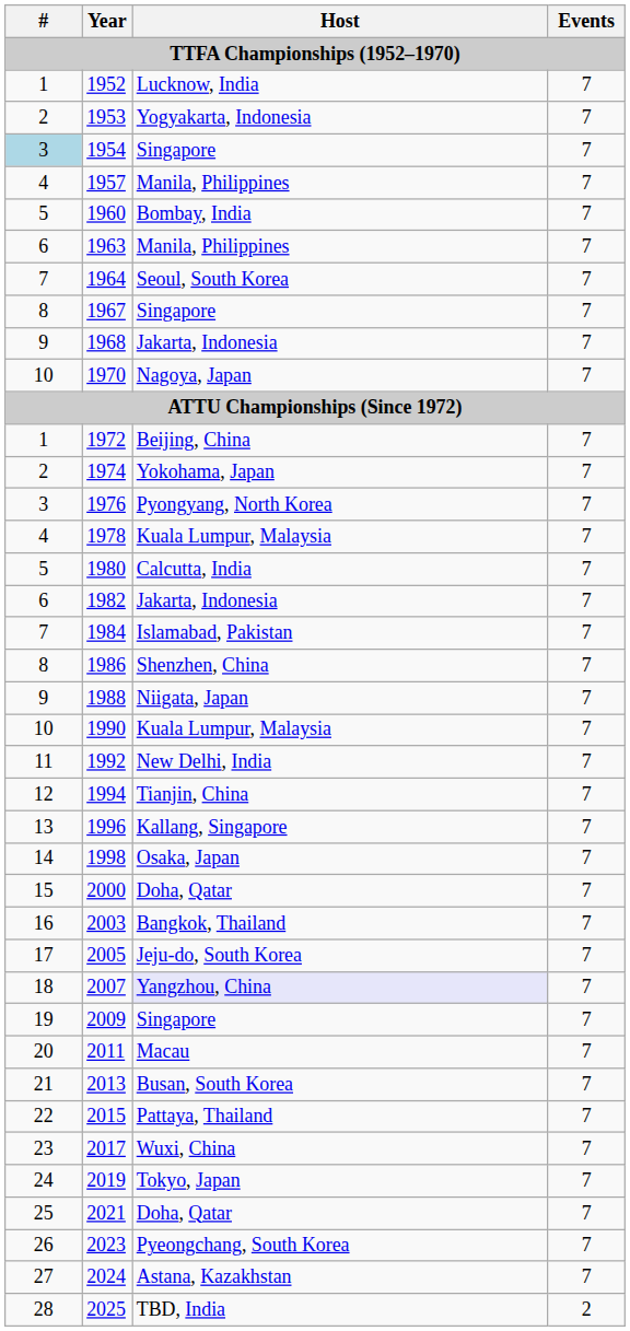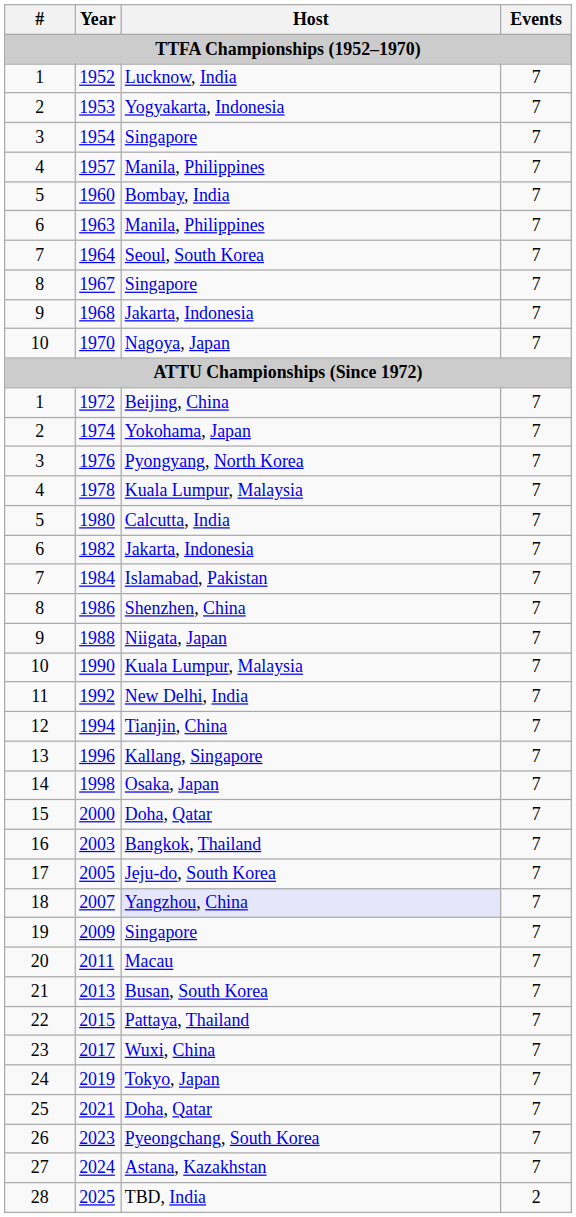 <table class="wikitable" style="font-size:90%">
 <tr>
 <th width=50>#</th>
 <th width=30>Year</th>
 <th width=300>Host</th>
 <th width=50>Events</th>
 </tr>
 <tr>
 <td colspan="5" bgcolor="#cccccc"align=center><strong>TTFA Championships (1952–1970)</strong></td>
 </tr>
 <tr>
 <td align=center>1</td>
 <td><a href='#'>1952</a></td>
 <td> <a href='#'>Lucknow</a>, <a href='#'>India</a></td>
 <td align=center>7</td>
 </tr>
 <tr>
 <td align="center">2</td>
 <td><a href='#'>1953</a></td>
 <td> <a href='#'>Yogyakarta</a>, <a href='#'>Indonesia</a></td>
 <td align="center">7</td>
 </tr>
 <tr>
-<td align="center" style="background: lightblue;">3</td>
+<td align="center">3</td>
 <td><a href='#'>1954</a></td>
 <td> <a href='#'>Singapore</a></td>
 <td align="center">7</td>
 </tr>
 <tr>
 <td align="center">4</td>
 <td><a href='#'>1957</a></td>
 <td> <a href='#'>Manila</a>, <a href='#'>Philippines</a></td>
 <td align="center">7</td>
 </tr>
 <tr>
 <td align="center">5</td>
 <td><a href='#'>1960</a></td>
 <td> <a href='#'>Bombay</a>, <a href='#'>India</a></td>
 <td align="center">7</td>
 </tr>
 <tr>
 <td align="center">6</td>
 <td><a href='#'>1963</a></td>
 <td> <a href='#'>Manila</a>, <a href='#'>Philippines</a></td>
 <td align="center">7</td>
 </tr>
 <tr>
 <td align="center">7</td>
 <td><a href='#'>1964</a></td>
 <td> <a href='#'>Seoul</a>, <a href='#'>South Korea</a></td>
 <td align="center">7</td>
 </tr>
 <tr>
 <td align="center">8</td>
 <td><a href='#'>1967</a></td>
 <td> <a href='#'>Singapore</a></td>
 <td align="center">7</td>
 </tr>
 <tr>
 <td align="center">9</td>
 <td><a href='#'>1968</a></td>
 <td> <a href='#'>Jakarta</a>, <a href='#'>Indonesia</a></td>
 <td align="center">7</td>
 </tr>
 <tr>
 <td align="center">10</td>
 <td><a href='#'>1970</a></td>
 <td> <a href='#'>Nagoya</a>, <a href='#'>Japan</a></td>
 <td align="center">7</td>
 </tr>
 <tr>
 <td colspan="5" bgcolor="#cccccc"align=center><strong>ATTU Championships (Since 1972)</strong></td>
 </tr>
 <tr>
 <td align="center">1</td>
 <td><a href='#'>1972</a></td>
 <td> <a href='#'>Beijing</a>, <a href='#'>China</a></td>
 <td align="center">7</td>
 </tr>
 <tr>
 <td align="center">2</td>
 <td><a href='#'>1974</a></td>
 <td> <a href='#'>Yokohama</a>, <a href='#'>Japan</a></td>
 <td align="center">7</td>
 </tr>
 <tr>
 <td align="center">3</td>
 <td><a href='#'>1976</a></td>
 <td> <a href='#'>Pyongyang</a>, <a href='#'>North Korea</a></td>
 <td align="center">7</td>
 </tr>
 <tr>
 <td align="center">4</td>
 <td><a href='#'>1978</a></td>
 <td> <a href='#'>Kuala Lumpur</a>, <a href='#'>Malaysia</a></td>
 <td align="center">7</td>
 </tr>
 <tr>
 <td align="center">5</td>
 <td><a href='#'>1980</a></td>
 <td> <a href='#'>Calcutta</a>, <a href='#'>India</a></td>
 <td align="center">7</td>
 </tr>
 <tr>
 <td align="center">6</td>
 <td><a href='#'>1982</a></td>
 <td> <a href='#'>Jakarta</a>, <a href='#'>Indonesia</a></td>
 <td align="center">7</td>
 </tr>
 <tr>
 <td align="center">7</td>
 <td><a href='#'>1984</a></td>
 <td> <a href='#'>Islamabad</a>, <a href='#'>Pakistan</a></td>
 <td align="center">7</td>
 </tr>
 <tr>
 <td align="center">8</td>
 <td><a href='#'>1986</a></td>
 <td> <a href='#'>Shenzhen</a>, <a href='#'>China</a></td>
 <td align="center">7</td>
 </tr>
 <tr>
 <td align="center">9</td>
 <td><a href='#'>1988</a></td>
 <td> <a href='#'>Niigata</a>, <a href='#'>Japan</a></td>
 <td align="center">7</td>
 </tr>
 <tr>
 <td align="center">10</td>
 <td><a href='#'>1990</a></td>
 <td> <a href='#'>Kuala Lumpur</a>, <a href='#'>Malaysia</a></td>
 <td align="center">7</td>
 </tr>
 <tr>
 <td align="center">11</td>
 <td><a href='#'>1992</a></td>
 <td> <a href='#'>New Delhi</a>, <a href='#'>India</a></td>
 <td align="center">7</td>
 </tr>
 <tr>
 <td align="center">12</td>
 <td><a href='#'>1994</a></td>
 <td> <a href='#'>Tianjin</a>, <a href='#'>China</a></td>
 <td align="center">7</td>
 </tr>
 <tr>
 <td align="center">13</td>
 <td><a href='#'>1996</a></td>
 <td> <a href='#'>Kallang</a>, <a href='#'>Singapore</a></td>
 <td align="center">7</td>
 </tr>
 <tr>
 <td align="center">14</td>
 <td><a href='#'>1998</a></td>
 <td> <a href='#'>Osaka</a>, <a href='#'>Japan</a></td>
 <td align="center">7</td>
 </tr>
 <tr>
 <td align="center">15</td>
 <td><a href='#'>2000</a></td>
 <td> <a href='#'>Doha</a>, <a href='#'>Qatar</a></td>
 <td align="center">7</td>
 </tr>
 <tr>
 <td align="center">16</td>
 <td><a href='#'>2003</a></td>
 <td> <a href='#'>Bangkok</a>, <a href='#'>Thailand</a></td>
 <td align="center">7</td>
 </tr>
 <tr>
 <td align="center">17</td>
 <td><a href='#'>2005</a></td>
 <td> <a href='#'>Jeju-do</a>, <a href='#'>South Korea</a></td>
 <td align="center">7</td>
 </tr>
 <tr>
 <td align="center">18</td>
 <td><a href='#'>2007</a></td>
 <td style="background: lavender;"> <a href='#'>Yangzhou</a>, <a href='#'>China</a></td>
 <td align="center">7</td>
 </tr>
 <tr>
 <td align="center">19</td>
 <td><a href='#'>2009</a></td>
 <td> <a href='#'>Singapore</a></td>
 <td align="center">7</td>
 </tr>
 <tr>
 <td align="center">20</td>
 <td><a href='#'>2011</a></td>
 <td> <a href='#'>Macau</a></td>
 <td align="center">7</td>
 </tr>
 <tr>
 <td align="center">21</td>
 <td><a href='#'>2013</a></td>
 <td> <a href='#'>Busan</a>, <a href='#'>South Korea</a></td>
 <td align="center">7</td>
 </tr>
 <tr>
 <td align="center">22</td>
 <td><a href='#'>2015</a></td>
 <td> <a href='#'>Pattaya</a>, <a href='#'>Thailand</a></td>
 <td align="center">7</td>
 </tr>
 <tr>
 <td align="center">23</td>
 <td><a href='#'>2017</a></td>
 <td> <a href='#'>Wuxi</a>, <a href='#'>China</a></td>
 <td align="center">7</td>
 </tr>
 <tr>
 <td align="center">24</td>
 <td><a href='#'>2019</a></td>
 <td> <a href='#'>Tokyo</a>, <a href='#'>Japan</a></td>
 <td align="center">7</td>
 </tr>
 <tr>
 <td align="center">25</td>
 <td><a href='#'>2021</a></td>
 <td> <a href='#'>Doha</a>, <a href='#'>Qatar</a></td>
 <td align="center">7</td>
 </tr>
 <tr>
 <td align="center">26</td>
 <td><a href='#'>2023</a></td>
 <td> <a href='#'>Pyeongchang</a>, <a href='#'>South Korea</a></td>
 <td align="center">7</td>
 </tr>
 <tr>
 <td align="center">27</td>
 <td><a href='#'>2024</a></td>
 <td> <a href='#'>Astana</a>, <a href='#'>Kazakhstan</a></td>
 <td align="center">7</td>
 </tr>
 <tr>
 <td align="center">28</td>
 <td><a href='#'>2025</a></td>
 <td> TBD, <a href='#'>India</a></td>
 <td align="center">2</td>
 </tr>
 </table>
